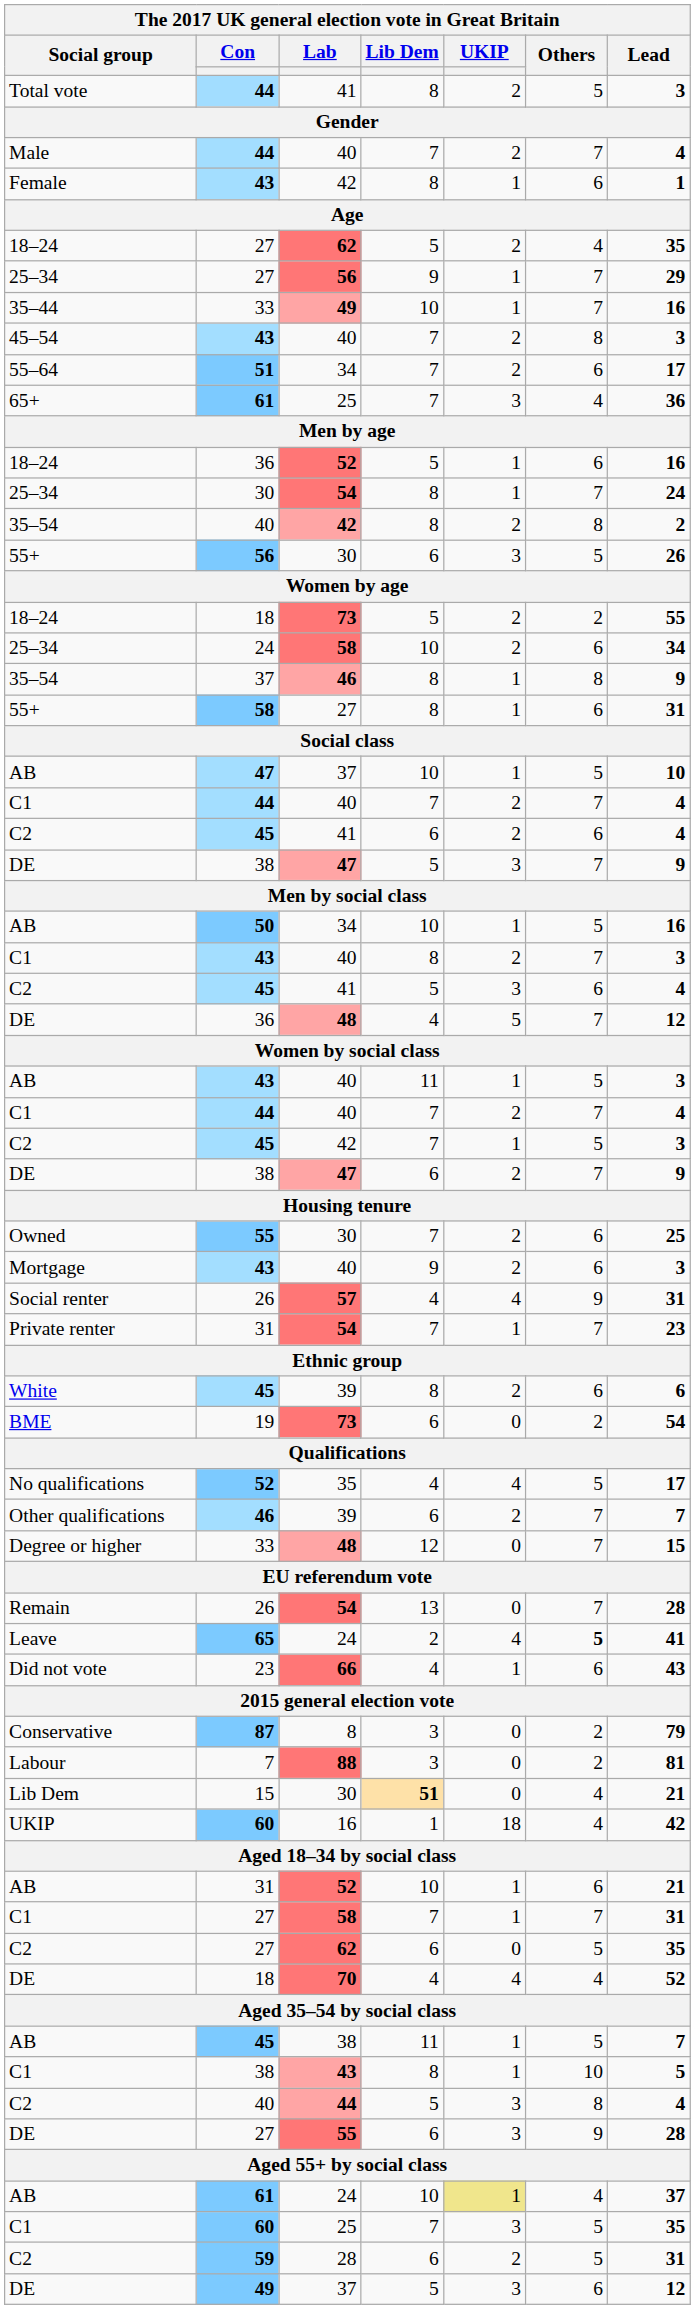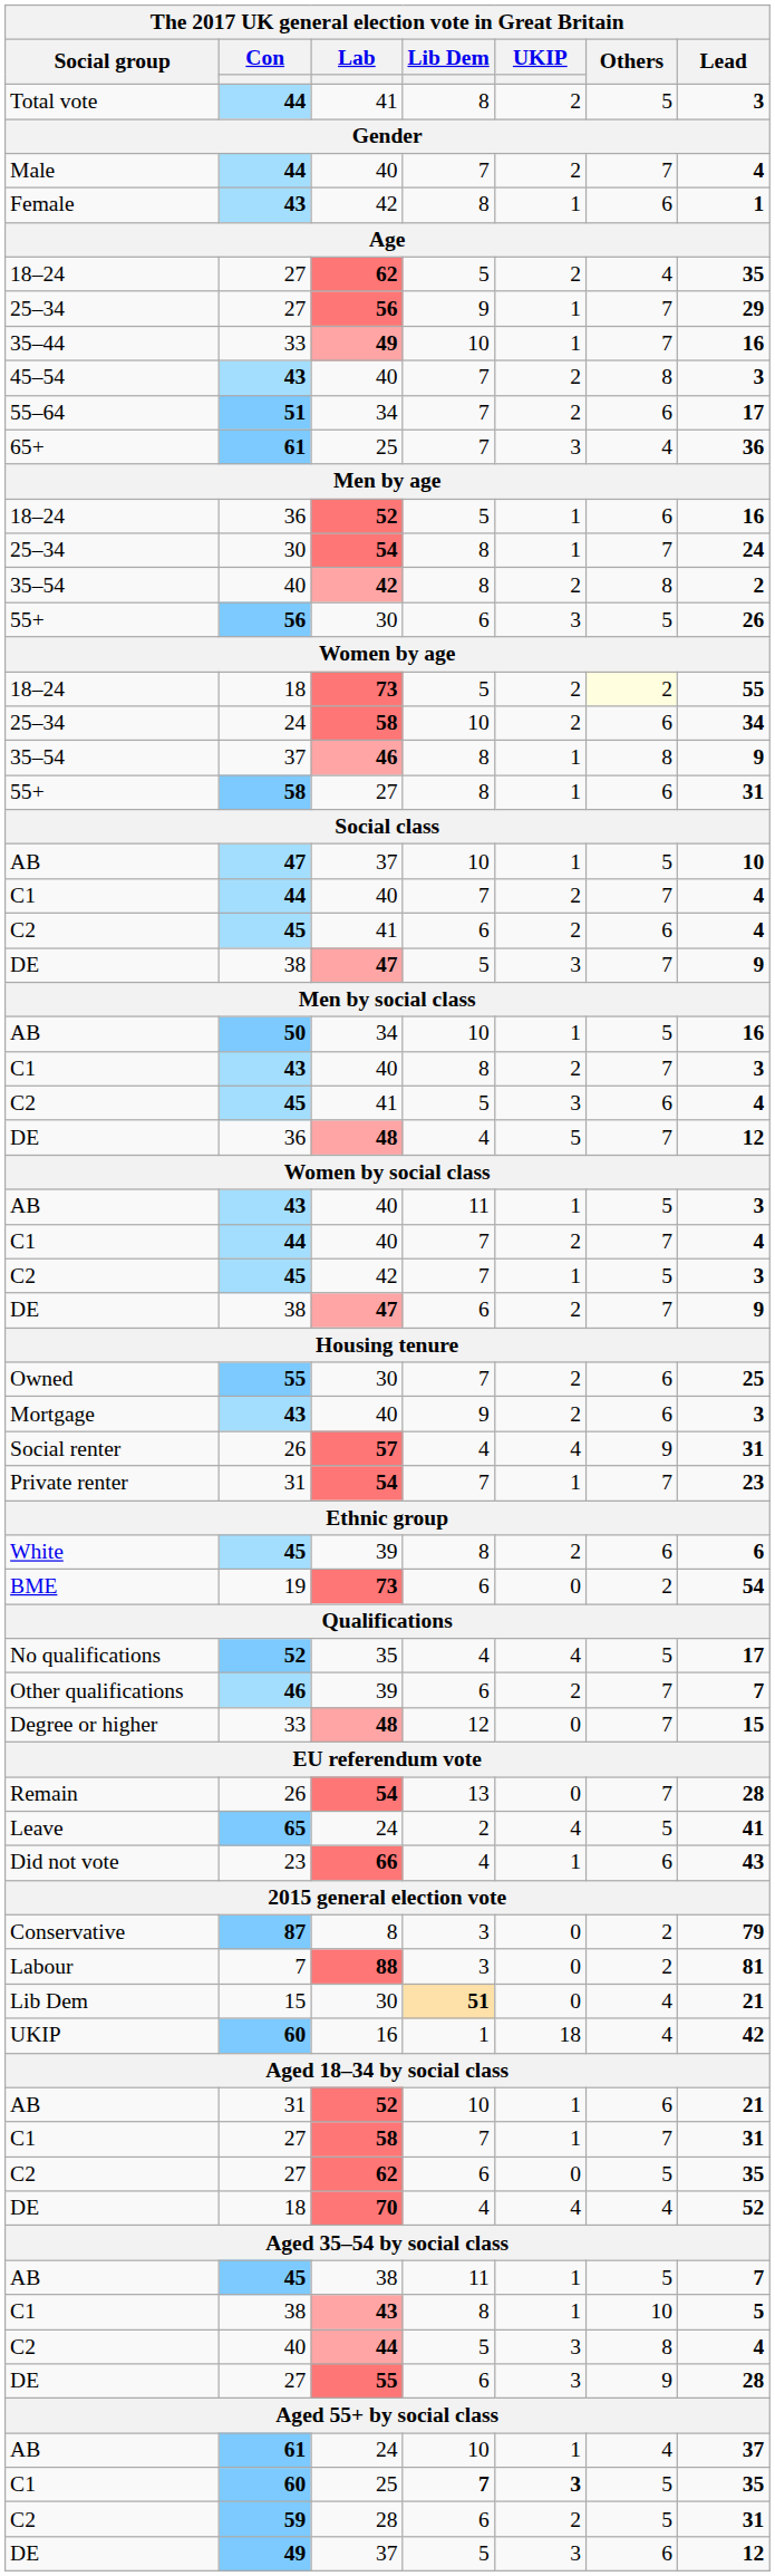 <table class=wikitable>
 <tr>
 <th colspan="10">The 2017 UK general election vote in Great Britain</th>
 </tr>
 <tr>
 <th style="width:150px;" rowspan="2">Social group</th>
 <th style="width:60px;" class="unsortable"><a href='#'>Con</a></th>
 <th style="width:60px;" class="unsortable"><a href='#'>Lab</a></th>
 <th style="width:60px;" class="unsortable"><a href='#'>Lib Dem</a></th>
 <th style="width:60px;" class="unsortable"><a href='#'>UKIP</a></th>
 <th style="width:60px;" rowspan="2" class="unsortable">Others</th>
 <th style="width:60px;" rowspan="2" class="unsortable">Lead</th>
 </tr>
 <tr>
 <th class="unsortable" style="color:inherit;background:"></th>
 <th class="unsortable" style="color:inherit;background:"></th>
 <th class="unsortable" style="color:inherit;background:"></th>
 <th class="unsortable" style="color:inherit;background:"></th>
 </tr>
 <tr>
 <td>Total vote</td>
 <td style="text-align:right; background:#A2DDFF;"><strong>44</strong></td>
 <td style="text-align:right;">41</td>
 <td style="text-align:right;">8</td>
 <td style="text-align:right;">2</td>
 <td style="text-align:right;">5</td>
 <td style="text-align:right; background:"><strong>3</strong></td>
 </tr>
 <tr>
 <th colspan=9>Gender</th>
 </tr>
 <tr>
 <td>Male</td>
 <td style="text-align:right; background:#A3DEFF;"><strong>44</strong></td>
 <td style="text-align:right;">40</td>
 <td style="text-align:right;">7</td>
 <td style="text-align:right;">2</td>
 <td style="text-align:right;">7</td>
 <td style="text-align:right; background:"><strong>4</strong></td>
 </tr>
 <tr>
 <td>Female</td>
 <td style="text-align:right; background:#A3DEFF;"><strong>43</strong></td>
 <td style="text-align:right;">42</td>
 <td style="text-align:right;">8</td>
 <td style="text-align:right;">1</td>
 <td style="text-align:right;">6</td>
 <td style="text-align:right; background:"><strong>1</strong></td>
 </tr>
 <tr>
 <th colspan=9>Age</th>
 </tr>
 <tr>
 <td>18–24</td>
 <td style="text-align:right;">27</td>
 <td style="text-align:right; background:#FF7676;"><strong>62</strong></td>
 <td style="text-align:right;">5</td>
 <td style="text-align:right;">2</td>
 <td style="text-align:right;">4</td>
 <td style="text-align:right; background:"><strong>35</strong></td>
 </tr>
 <tr>
 <td>25–34</td>
 <td style="text-align:right;">27</td>
 <td style="text-align:right; background:#FF7676;"><strong>56</strong></td>
 <td style="text-align:right;">9</td>
 <td style="text-align:right;">1</td>
 <td style="text-align:right;">7</td>
 <td style="text-align:right; background:"><strong>29</strong></td>
 </tr>
 <tr>
 <td>35–44</td>
 <td style="text-align:right;">33</td>
 <td style="text-align:right; background:#FFA5A5;"><strong>49</strong></td>
 <td style="text-align:right;">10</td>
 <td style="text-align:right;">1</td>
 <td style="text-align:right;">7</td>
 <td style="text-align:right; background:"><strong>16</strong></td>
 </tr>
 <tr>
 <td>45–54</td>
 <td style="text-align:right; background:#A3DEFF;"><strong>43</strong></td>
 <td style="text-align:right;">40</td>
 <td style="text-align:right;">7</td>
 <td style="text-align:right;">2</td>
 <td style="text-align:right;">8</td>
 <td style="text-align:right; background:"><strong>3</strong></td>
 </tr>
 <tr>
 <td>55–64</td>
 <td style="text-align:right; background:#7CCAFF;"><strong>51</strong></td>
 <td style="text-align:right;">34</td>
 <td style="text-align:right;">7</td>
 <td style="text-align:right;">2</td>
 <td style="text-align:right;">6</td>
 <td style="text-align:right; background:"><strong>17</strong></td>
 </tr>
 <tr>
 <td>65+</td>
 <td style="text-align:right; background:#7CCAFF;"><strong>61</strong></td>
 <td style="text-align:right;">25</td>
 <td style="text-align:right;">7</td>
 <td style="text-align:right;">3</td>
 <td style="text-align:right;">4</td>
 <td style="text-align:right; background:"><strong>36</strong></td>
 </tr>
 <tr>
 <th colspan=9>Men by age</th>
 </tr>
 <tr>
 <td>18–24</td>
 <td style="text-align:right;">36</td>
 <td style="text-align:right; background:#FF7676;"><strong>52</strong></td>
 <td style="text-align:right;">5</td>
 <td style="text-align:right;">1</td>
 <td style="text-align:right;">6</td>
 <td style="text-align:right; background:"><strong>16</strong></td>
 </tr>
 <tr>
 <td>25–34</td>
 <td style="text-align:right;">30</td>
 <td style="text-align:right; background:#FF7676;"><strong>54</strong></td>
 <td style="text-align:right;">8</td>
 <td style="text-align:right;">1</td>
 <td style="text-align:right;">7</td>
 <td style="text-align:right; background:"><strong>24</strong></td>
 </tr>
 <tr>
 <td>35–54</td>
 <td style="text-align:right;">40</td>
 <td style="text-align:right; background:#FFA5A5;"><strong>42</strong></td>
 <td style="text-align:right;">8</td>
 <td style="text-align:right;">2</td>
 <td style="text-align:right;">8</td>
 <td style="text-align:right; background:"><strong>2</strong></td>
 </tr>
 <tr>
 <td>55+</td>
 <td style="text-align:right; background:#7CCAFF;"><strong>56</strong></td>
 <td style="text-align:right;">30</td>
 <td style="text-align:right;">6</td>
 <td style="text-align:right;">3</td>
 <td style="text-align:right;">5</td>
 <td style="text-align:right; background:"><strong>26</strong></td>
 </tr>
 <tr>
 <th colspan=9>Women by age</th>
 </tr>
 <tr>
 <td>18–24</td>
 <td style="text-align:right;">18</td>
 <td style="text-align:right; background:#FF7676;"><strong>73</strong></td>
 <td style="text-align:right;">5</td>
 <td style="text-align:right;">2</td>
-<td style="text-align:right;">2</td>
+<td style="background: lightyellow; text-align:right;">2</td>
 <td style="text-align:right; background:"><strong>55</strong></td>
 </tr>
 <tr>
 <td>25–34</td>
 <td style="text-align:right;">24</td>
 <td style="text-align:right; background:#FF7676;"><strong>58</strong></td>
 <td style="text-align:right;">10</td>
 <td style="text-align:right;">2</td>
 <td style="text-align:right;">6</td>
 <td style="text-align:right; background:"><strong>34</strong></td>
 </tr>
 <tr>
 <td>35–54</td>
 <td style="text-align:right;">37</td>
 <td style="text-align:right; background:#FFA5A5;"><strong>46</strong></td>
 <td style="text-align:right;">8</td>
 <td style="text-align:right;">1</td>
 <td style="text-align:right;">8</td>
 <td style="text-align:right; background:"><strong>9</strong></td>
 </tr>
 <tr>
 <td>55+</td>
 <td style="text-align:right; background:#7CCAFF;"><strong>58</strong></td>
 <td style="text-align:right;">27</td>
 <td style="text-align:right;">8</td>
 <td style="text-align:right;">1</td>
 <td style="text-align:right;">6</td>
 <td style="text-align:right; background:"><strong>31</strong></td>
 </tr>
 <tr>
 <th colspan=9>Social class</th>
 </tr>
 <tr>
 <td>AB</td>
 <td style="text-align:right; background:#A3DEFF;"><strong>47</strong></td>
 <td style="text-align:right;">37</td>
 <td style="text-align:right;">10</td>
 <td style="text-align:right;">1</td>
 <td style="text-align:right;">5</td>
 <td style="text-align:right; background:"><strong>10</strong></td>
 </tr>
 <tr>
 <td>C1</td>
 <td style="text-align:right; background:#A3DEFF;"><strong>44</strong></td>
 <td style="text-align:right;">40</td>
 <td style="text-align:right;">7</td>
 <td style="text-align:right;">2</td>
 <td style="text-align:right;">7</td>
 <td style="text-align:right; background:"><strong>4</strong></td>
 </tr>
 <tr>
 <td>C2</td>
 <td style="text-align:right; background:#A3DEFF;"><strong>45</strong></td>
 <td style="text-align:right;">41</td>
 <td style="text-align:right;">6</td>
 <td style="text-align:right;">2</td>
 <td style="text-align:right;">6</td>
 <td style="text-align:right; background:"><strong>4</strong></td>
 </tr>
 <tr>
 <td>DE</td>
 <td style="text-align:right;">38</td>
 <td style="text-align:right; background:#FFA5A5;"><strong>47</strong></td>
 <td style="text-align:right;">5</td>
 <td style="text-align:right;">3</td>
 <td style="text-align:right;">7</td>
 <td style="text-align:right; background:"><strong>9</strong></td>
 </tr>
 <tr>
 <th colspan=9>Men by social class</th>
 </tr>
 <tr>
 <td>AB</td>
 <td style="text-align:right; background:#7CCAFF;"><strong>50</strong></td>
 <td style="text-align:right;">34</td>
 <td style="text-align:right;">10</td>
 <td style="text-align:right;">1</td>
 <td style="text-align:right;">5</td>
 <td style="text-align:right; background:"><strong>16</strong></td>
 </tr>
 <tr>
 <td>C1</td>
 <td style="text-align:right; background:#A3DEFF;"><strong>43</strong></td>
 <td style="text-align:right;">40</td>
 <td style="text-align:right;">8</td>
 <td style="text-align:right;">2</td>
 <td style="text-align:right;">7</td>
 <td style="text-align:right; background:"><strong>3</strong></td>
 </tr>
 <tr>
 <td>C2</td>
 <td style="text-align:right; background:#A3DEFF;"><strong>45</strong></td>
 <td style="text-align:right;">41</td>
 <td style="text-align:right;">5</td>
 <td style="text-align:right;">3</td>
 <td style="text-align:right;">6</td>
 <td style="text-align:right; background:"><strong>4</strong></td>
 </tr>
 <tr>
 <td>DE</td>
 <td style="text-align:right;">36</td>
 <td style="text-align:right; background:#FFA5A5;"><strong>48</strong></td>
 <td style="text-align:right;">4</td>
 <td style="text-align:right;">5</td>
 <td style="text-align:right;">7</td>
 <td style="text-align:right; background:"><strong>12</strong></td>
 </tr>
 <tr>
 <th colspan=9>Women by social class</th>
 </tr>
 <tr>
 <td>AB</td>
 <td style="text-align:right; background:#A3DEFF;"><strong>43</strong></td>
 <td style="text-align:right;">40</td>
 <td style="text-align:right;">11</td>
 <td style="text-align:right;">1</td>
 <td style="text-align:right;">5</td>
 <td style="text-align:right; background:"><strong>3</strong></td>
 </tr>
 <tr>
 <td>C1</td>
 <td style="text-align:right; background:#A3DEFF;"><strong>44</strong></td>
 <td style="text-align:right;">40</td>
 <td style="text-align:right;">7</td>
 <td style="text-align:right;">2</td>
 <td style="text-align:right;">7</td>
 <td style="text-align:right; background:"><strong>4</strong></td>
 </tr>
 <tr>
 <td>C2</td>
 <td style="text-align:right; background:#A3DEFF;"><strong>45</strong></td>
 <td style="text-align:right;">42</td>
 <td style="text-align:right;">7</td>
 <td style="text-align:right;">1</td>
 <td style="text-align:right;">5</td>
 <td style="text-align:right; background:"><strong>3</strong></td>
 </tr>
 <tr>
 <td>DE</td>
 <td style="text-align:right;">38</td>
 <td style="text-align:right; background:#FFA5A5;"><strong>47</strong></td>
 <td style="text-align:right;">6</td>
 <td style="text-align:right;">2</td>
 <td style="text-align:right;">7</td>
 <td style="text-align:right; background:"><strong>9</strong></td>
 </tr>
 <tr>
 <th colspan=9>Housing tenure</th>
 </tr>
 <tr>
 <td>Owned</td>
 <td style="text-align:right; background:#7CCAFF;"><strong>55</strong></td>
 <td style="text-align:right;">30</td>
 <td style="text-align:right;">7</td>
 <td style="text-align:right;">2</td>
 <td style="text-align:right;">6</td>
 <td style="text-align:right; background:"><strong>25</strong></td>
 </tr>
 <tr>
 <td>Mortgage</td>
 <td style="text-align:right; background:#A3DEFF;"><strong>43</strong></td>
 <td style="text-align:right;">40</td>
 <td style="text-align:right;">9</td>
 <td style="text-align:right;">2</td>
 <td style="text-align:right;">6</td>
 <td style="text-align:right; background:"><strong>3</strong></td>
 </tr>
 <tr>
 <td>Social renter</td>
 <td style="text-align:right;">26</td>
 <td style="text-align:right; background:#FF7676;"><strong>57</strong></td>
 <td style="text-align:right;">4</td>
 <td style="text-align:right;">4</td>
 <td style="text-align:right;">9</td>
 <td style="text-align:right; background:"><strong>31</strong></td>
 </tr>
 <tr>
 <td>Private renter</td>
 <td style="text-align:right;">31</td>
 <td style="text-align:right; background:#FF7676;"><strong>54</strong></td>
 <td style="text-align:right;">7</td>
 <td style="text-align:right;">1</td>
 <td style="text-align:right;">7</td>
 <td style="text-align:right; background:"><strong>23</strong></td>
 </tr>
 <tr>
 <th colspan=9>Ethnic group</th>
 </tr>
 <tr>
 <td><a href='#'>White</a></td>
 <td style="text-align:right; background:#A3DEFF;"><strong>45</strong></td>
 <td style="text-align:right;">39</td>
 <td style="text-align:right;">8</td>
 <td style="text-align:right;">2</td>
 <td style="text-align:right;">6</td>
 <td style="text-align:right; background:"><strong>6</strong></td>
 </tr>
 <tr>
 <td><a href='#'>BME</a></td>
 <td style="text-align:right;">19</td>
 <td style="text-align:right; background:#FF7676;"><strong>73</strong></td>
 <td style="text-align:right;">6</td>
 <td style="text-align:right;">0</td>
 <td style="text-align:right;">2</td>
 <td style="text-align:right; background:"><strong>54</strong></td>
 </tr>
 <tr>
 <th colspan=9>Qualifications</th>
 </tr>
 <tr>
 <td>No qualifications</td>
 <td style="text-align:right; background:#7CCAFF;"><strong>52</strong></td>
 <td style="text-align:right;">35</td>
 <td style="text-align:right;">4</td>
 <td style="text-align:right;">4</td>
 <td style="text-align:right;">5</td>
 <td style="text-align:right; background:"><strong>17</strong></td>
 </tr>
 <tr>
 <td>Other qualifications</td>
 <td style="text-align:right; background:#A3DEFF;"><strong>46</strong></td>
 <td style="text-align:right;">39</td>
 <td style="text-align:right;">6</td>
 <td style="text-align:right;">2</td>
 <td style="text-align:right;">7</td>
 <td style="text-align:right; background:"><strong>7</strong></td>
 </tr>
 <tr>
 <td>Degree or higher</td>
 <td style="text-align:right;">33</td>
 <td style="text-align:right; background:#FFA5A5;"><strong>48</strong></td>
 <td style="text-align:right;">12</td>
 <td style="text-align:right;">0</td>
 <td style="text-align:right;">7</td>
 <td style="text-align:right; background:"><strong>15</strong></td>
 </tr>
 <tr>
 <th colspan=9>EU referendum vote</th>
 </tr>
 <tr>
 <td>Remain</td>
 <td style="text-align:right;">26</td>
 <td style="text-align:right; background:#FF7676;"><strong>54</strong></td>
 <td style="text-align:right;">13</td>
 <td style="text-align:right;">0</td>
 <td style="text-align:right;">7</td>
 <td style="text-align:right; background:"><strong>28</strong></td>
 </tr>
 <tr>
 <td>Leave</td>
 <td style="text-align:right; background:#7CCAFF;"><strong>65</strong></td>
 <td style="text-align:right;">24</td>
 <td style="text-align:right;">2</td>
 <td style="text-align:right;">4</td>
-<td style="text-align:right;"><strong>5</strong></td>
+<td style="text-align:right;">5</td>
 <td style="text-align:right; background:"><strong>41</strong></td>
 </tr>
 <tr>
 <td>Did not vote</td>
 <td style="text-align:right;">23</td>
 <td style="text-align:right; background:#FF7676;"><strong>66</strong></td>
 <td style="text-align:right;">4</td>
 <td style="text-align:right;">1</td>
 <td style="text-align:right;">6</td>
 <td style="text-align:right; background:"><strong>43</strong></td>
 </tr>
 <tr>
 <th colspan=9>2015 general election vote</th>
 </tr>
 <tr>
 <td>Conservative</td>
 <td style="text-align:right; background:#7CCAFF;"><strong>87</strong></td>
 <td style="text-align:right;">8</td>
 <td style="text-align:right;">3</td>
 <td style="text-align:right;">0</td>
 <td style="text-align:right;">2</td>
 <td style="text-align:right; background:"><strong>79</strong></td>
 </tr>
 <tr>
 <td>Labour</td>
 <td style="text-align:right;">7</td>
 <td style="text-align:right; background:#FF7676;"><strong>88</strong></td>
 <td style="text-align:right;">3</td>
 <td style="text-align:right;">0</td>
 <td style="text-align:right;">2</td>
 <td style="text-align:right; background:"><strong>81</strong></td>
 </tr>
 <tr>
 <td>Lib Dem</td>
 <td style="text-align:right;">15</td>
 <td style="text-align:right;">30</td>
 <td style="text-align:right; background:#FEE1A8;"><strong>51</strong></td>
 <td style="text-align:right;">0</td>
 <td style="text-align:right;">4</td>
 <td style="text-align:right; background:"><strong>21</strong></td>
 </tr>
 <tr>
 <td>UKIP</td>
 <td style="text-align:right; background:#7CCAFF;"><strong>60</strong></td>
 <td style="text-align:right;">16</td>
 <td style="text-align:right;">1</td>
 <td style="text-align:right;">18</td>
 <td style="text-align:right;">4</td>
 <td style="text-align:right; background:"><strong>42</strong></td>
 </tr>
 <tr>
 <th colspan=9>Aged 18–34 by social class</th>
 </tr>
 <tr>
 <td>AB</td>
 <td style="text-align:right;">31</td>
 <td style="text-align:right; background:#FF7676;"><strong>52</strong></td>
 <td style="text-align:right;">10</td>
 <td style="text-align:right;">1</td>
 <td style="text-align:right;">6</td>
 <td style="text-align:right; background:"><strong>21</strong></td>
 </tr>
 <tr>
 <td>C1</td>
 <td style="text-align:right;">27</td>
 <td style="text-align:right; background:#FF7676;"><strong>58</strong></td>
 <td style="text-align:right;">7</td>
 <td style="text-align:right;">1</td>
 <td style="text-align:right;">7</td>
 <td style="text-align:right; background:"><strong>31</strong></td>
 </tr>
 <tr>
 <td>C2</td>
 <td style="text-align:right;">27</td>
 <td style="text-align:right; background:#FF7676;"><strong>62</strong></td>
 <td style="text-align:right;">6</td>
 <td style="text-align:right;">0</td>
 <td style="text-align:right;">5</td>
 <td style="text-align:right; background:"><strong>35</strong></td>
 </tr>
 <tr>
 <td>DE</td>
 <td style="text-align:right;">18</td>
 <td style="text-align:right; background:#FF7676;"><strong>70</strong></td>
 <td style="text-align:right;">4</td>
 <td style="text-align:right;">4</td>
 <td style="text-align:right;">4</td>
 <td style="text-align:right; background:"><strong>52</strong></td>
 </tr>
 <tr>
 <th colspan=9>Aged 35–54 by social class</th>
 </tr>
 <tr>
 <td>AB</td>
 <td style="text-align:right; background:#7CCAFF;"><strong>45</strong></td>
 <td style="text-align:right;">38</td>
 <td style="text-align:right;">11</td>
 <td style="text-align:right;">1</td>
 <td style="text-align:right;">5</td>
 <td style="text-align:right; background:"><strong>7</strong></td>
 </tr>
 <tr>
 <td>C1</td>
 <td style="text-align:right;">38</td>
 <td style="text-align:right; background:#FFA5A5;"><strong>43</strong></td>
 <td style="text-align:right;">8</td>
 <td style="text-align:right;">1</td>
 <td style="text-align:right;">10</td>
 <td style="text-align:right; background:"><strong>5</strong></td>
 </tr>
 <tr>
 <td>C2</td>
 <td style="text-align:right;">40</td>
 <td style="text-align:right; background:#FFA5A5;"><strong>44</strong></td>
 <td style="text-align:right;">5</td>
 <td style="text-align:right;">3</td>
 <td style="text-align:right;">8</td>
 <td style="text-align:right; background:"><strong>4</strong></td>
 </tr>
 <tr>
 <td>DE</td>
 <td style="text-align:right;">27</td>
 <td style="text-align:right; background:#FF7676;"><strong>55</strong></td>
 <td style="text-align:right;">6</td>
 <td style="text-align:right;">3</td>
 <td style="text-align:right;">9</td>
 <td style="text-align:right; background:"><strong>28</strong></td>
 </tr>
 <tr>
 <th colspan=9>Aged 55+ by social class</th>
 </tr>
 <tr>
 <td>AB</td>
 <td style="text-align:right; background:#7CCAFF;"><strong>61</strong></td>
 <td style="text-align:right;">24</td>
 <td style="text-align:right;">10</td>
-<td style="background: khaki; text-align:right;">1</td>
+<td style="text-align:right;">1</td>
 <td style="text-align:right;">4</td>
 <td style="text-align:right; background:"><strong>37</strong></td>
 </tr>
 <tr>
 <td>C1</td>
 <td style="text-align:right; background:#7CCAFF;"><strong>60</strong></td>
 <td style="text-align:right;">25</td>
-<td style="text-align:right;">7</td>
-<td style="text-align:right;">3</td>
+<td style="text-align:right;"><strong>7</strong></td>
+<td style="text-align:right;"><strong>3</strong></td>
 <td style="text-align:right;">5</td>
 <td style="text-align:right; background:"><strong>35</strong></td>
 </tr>
 <tr>
 <td>C2</td>
 <td style="text-align:right; background:#7CCAFF;"><strong>59</strong></td>
 <td style="text-align:right;">28</td>
 <td style="text-align:right;">6</td>
 <td style="text-align:right;">2</td>
 <td style="text-align:right;">5</td>
 <td style="text-align:right; background:"><strong>31</strong></td>
 </tr>
 <tr>
 <td>DE</td>
 <td style="text-align:right; background:#7CCAFF;"><strong>49</strong></td>
 <td style="text-align:right;">37</td>
 <td style="text-align:right;">5</td>
 <td style="text-align:right;">3</td>
 <td style="text-align:right;">6</td>
 <td style="text-align:right; background:"><strong>12</strong></td>
 </tr>
 </table>
